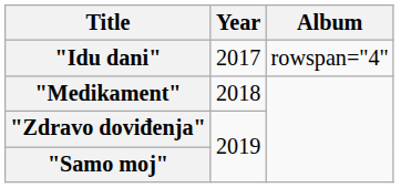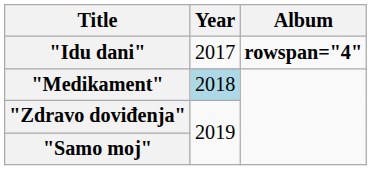 <table class="wikitable plainrowheaders" style="text-align:center;">
 <tr>
 <th scope="col">Title</th>
 <th scope="col">Year</th>
 <th scope="col">Album</th>
 </tr>
 <tr>
 <th scope="row">"Idu dani"<br></th>
 <td>2017</td>
-<td>rowspan="4" </td>
+<td><strong>rowspan="4" </strong></td>
 </tr>
 <tr>
 <th scope="row">"Medikament"<br></th>
-<td>2018</td>
+<td style="background: lightblue;">2018</td>
 </tr>
 <tr>
 <th scope="row">"Zdravo doviđenja"<br></th>
 <td rowspan="2">2019</td>
 </tr>
 <tr>
 <th scope="row">"Samo moj"<br></th>
 </tr>
 </table>
